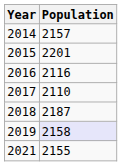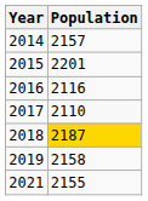 <table class="wikitable">
 <tr>
 <th>Year</th>
 <th>Population</th>
 </tr>
 <tr>
 <td>2014</td>
 <td>2157</td>
 </tr>
 <tr>
 <td>2015</td>
 <td>2201</td>
 </tr>
 <tr>
 <td>2016</td>
 <td>2116</td>
 </tr>
 <tr>
 <td>2017</td>
 <td>2110</td>
 </tr>
 <tr>
 <td>2018</td>
-<td>2187</td>
+<td style="background: gold;">2187</td>
 </tr>
 <tr>
 <td>2019</td>
-<td style="background: lavender;">2158</td>
+<td>2158</td>
 </tr>
 <tr>
 <td>2021</td>
 <td>2155</td>
 </tr>
 </table>
